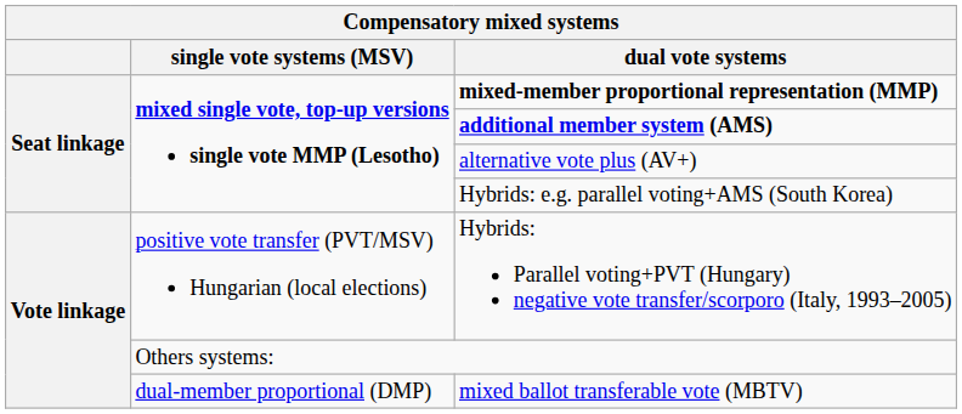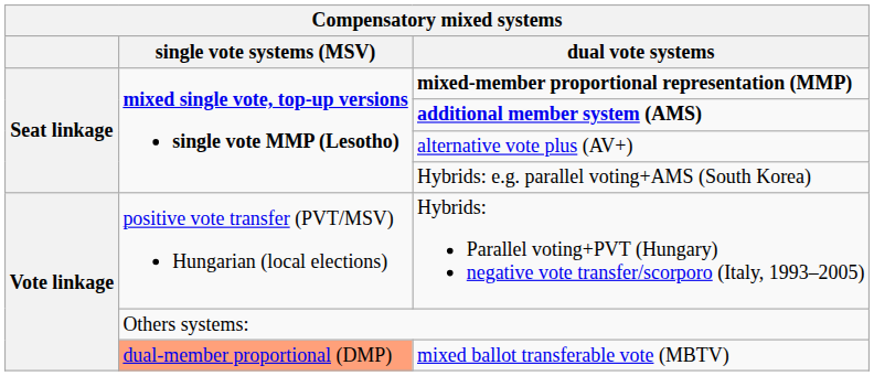 <table class="wikitable">
 <tr>
 <th colspan="3">Compensatory mixed systems</th>
 </tr>
 <tr>
 <th></th>
 <th>single vote systems (MSV)</th>
 <th>dual vote systems</th>
 </tr>
 <tr>
 <th rowspan="4">Seat linkage</th>
 <td rowspan="4"><strong><a href='#'>mixed single vote, top-up versions</a></strong><br><ul><li><strong>single vote MMP (Lesotho)</strong></li></ul></td>
 <td><strong>mixed-member proportional representation (MMP)</strong></td>
 </tr>
 <tr>
 <td><strong><a href='#'>additional member system</a> (AMS)</strong></td>
 </tr>
 <tr>
 <td><a href='#'>alternative vote plus</a> (AV+)</td>
 </tr>
 <tr>
 <td>Hybrids: e.g. parallel voting+AMS (South Korea)</td>
 </tr>
 <tr>
 <th rowspan="3">Vote linkage</th>
 <td><a href='#'>positive vote transfer</a> (PVT/MSV)<br><ul><li>Hungarian (local elections)</li></ul></td>
 <td>Hybrids:<br><ul><li>Parallel voting+PVT (Hungary)</li><li><a href='#'>negative vote transfer/scorporo</a> (Italy, 1993–2005)</li></ul></td>
 </tr>
 <tr>
 <td colspan="2">Others systems:</td>
 </tr>
 <tr>
-<td><a href='#'>dual-member proportional</a> (DMP)</td>
+<td style="background: lightsalmon;"><a href='#'>dual-member proportional</a> (DMP)</td>
 <td><a href='#'>mixed ballot transferable vote</a> (MBTV)</td>
 </tr>
 </table>
